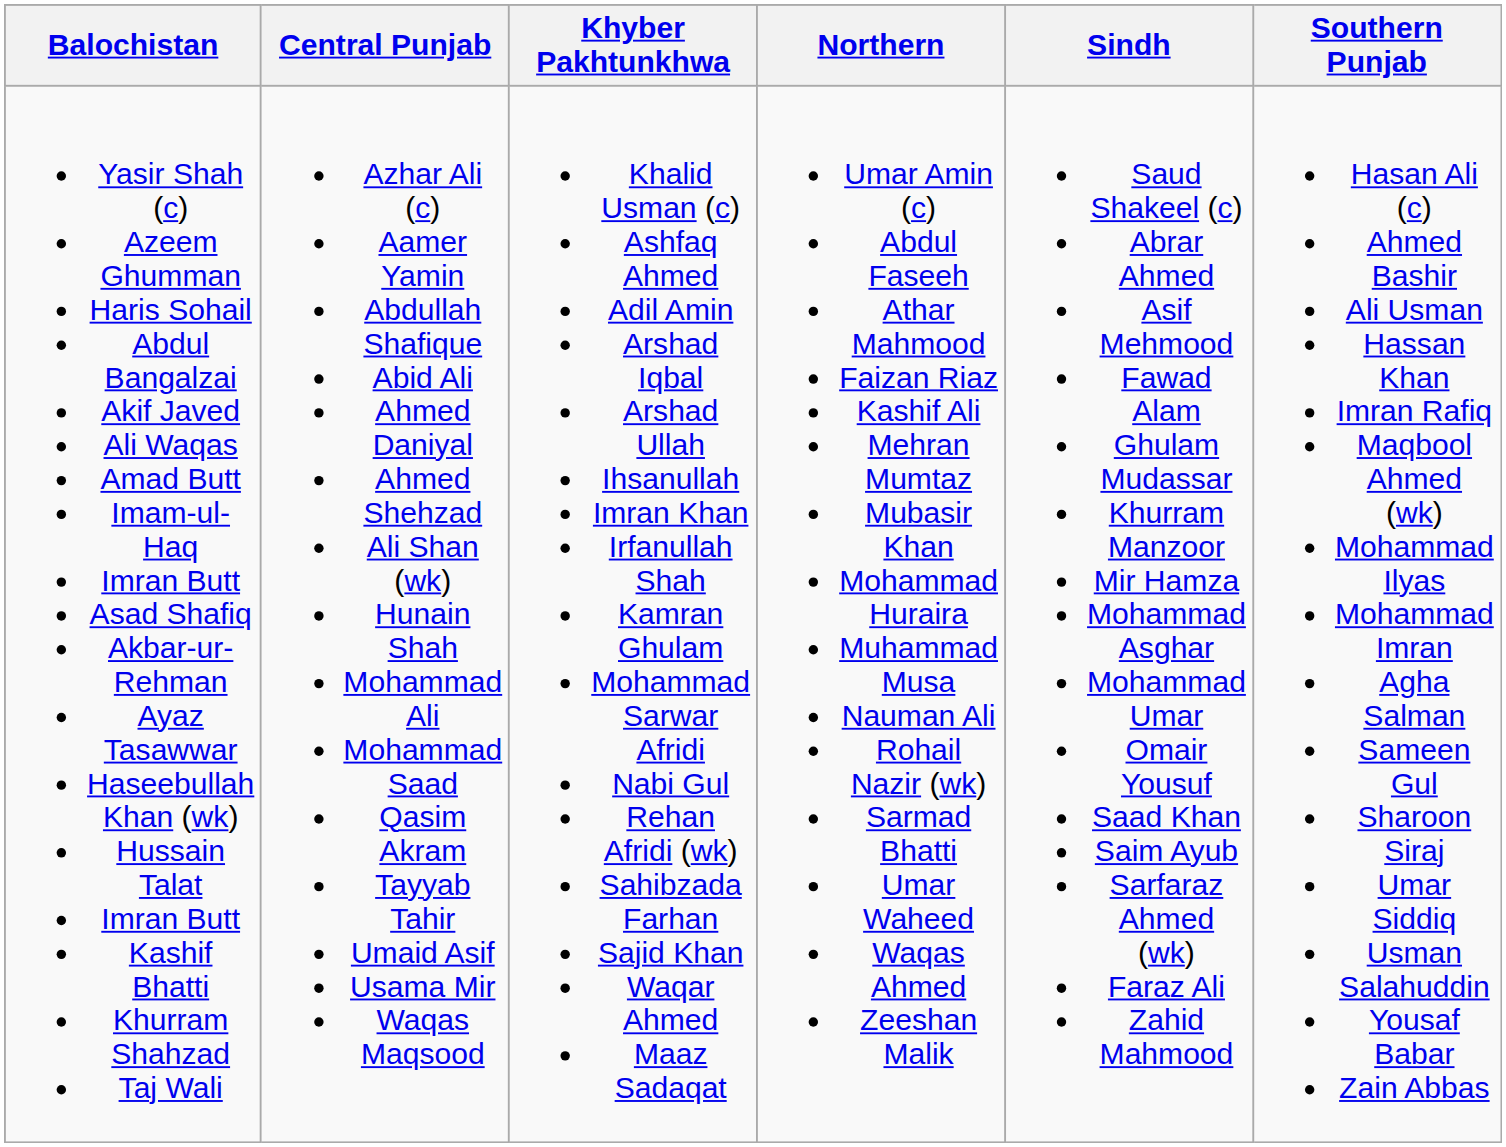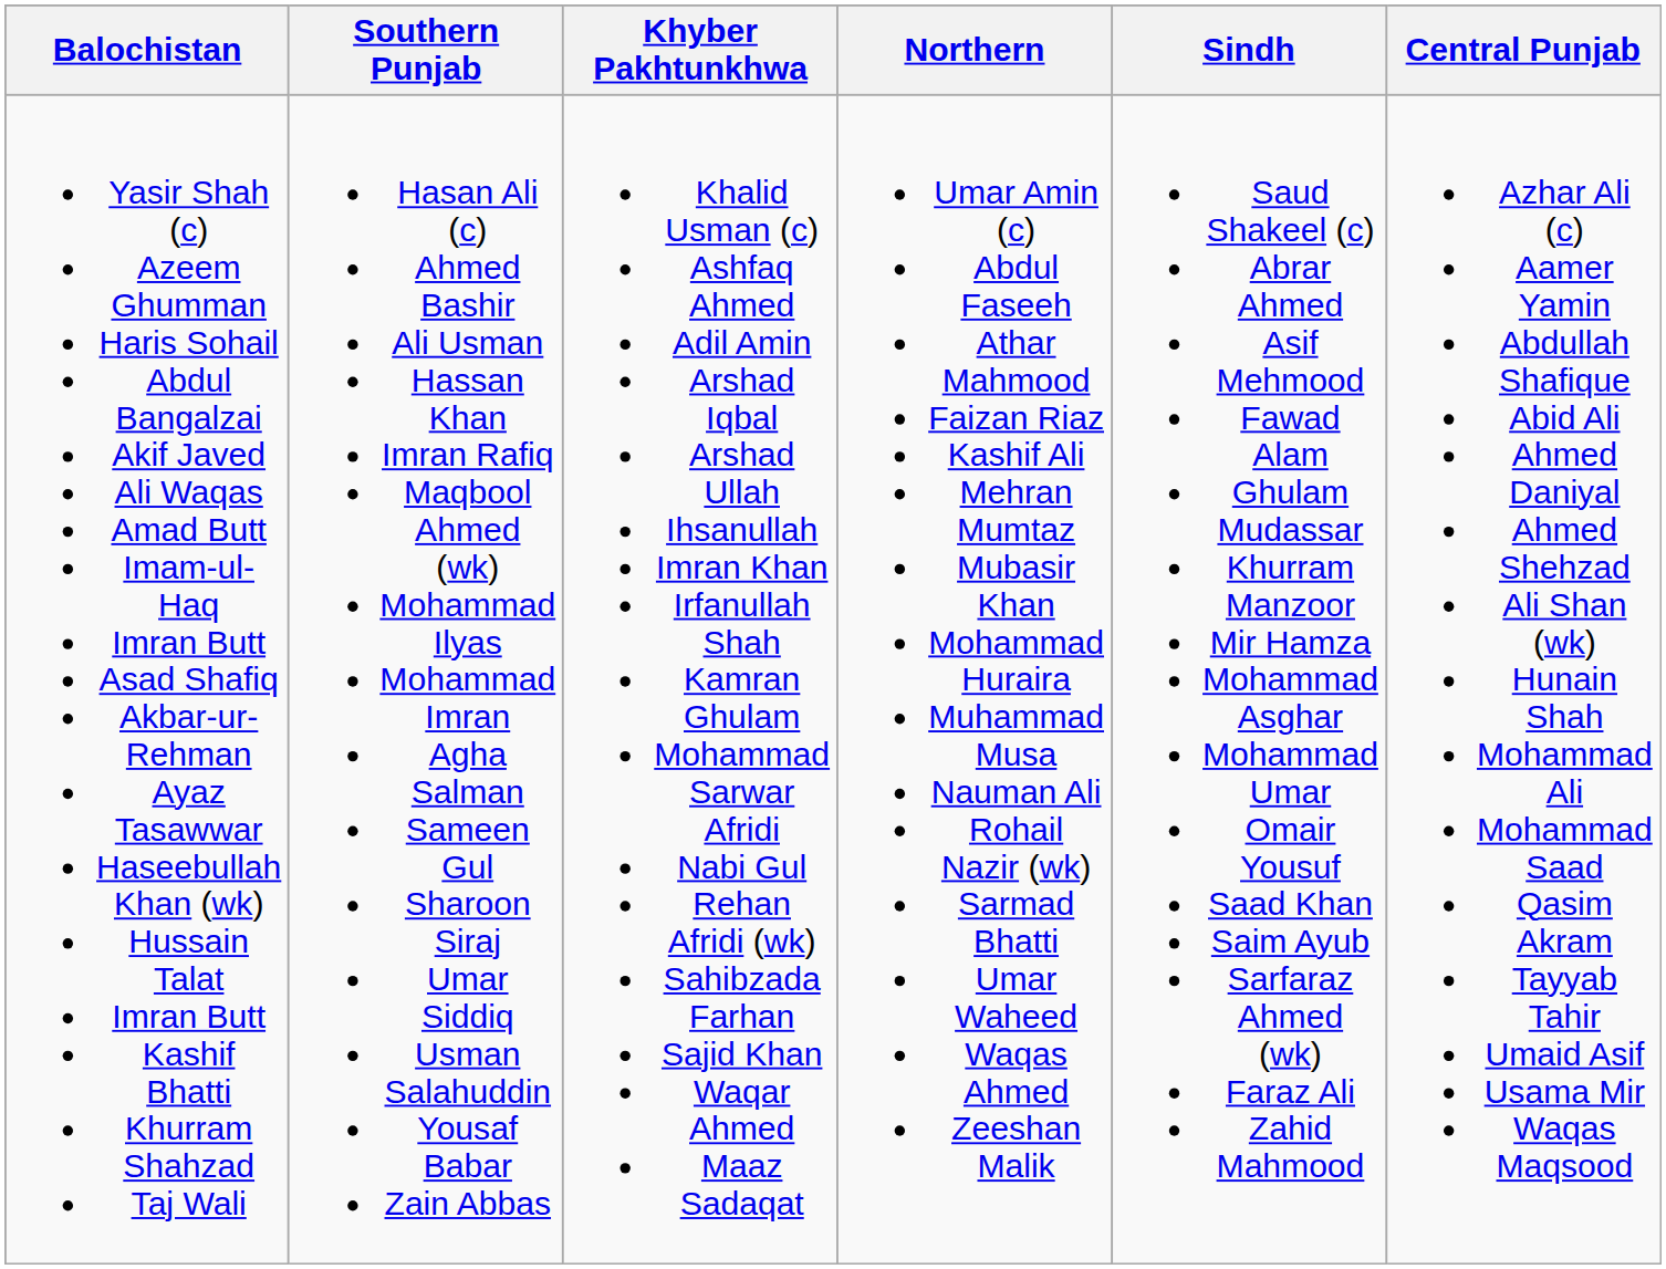 <table class="wikitable" style="text-align:center; margin:auto">
 <tr>
 <th><a href='#'>Balochistan</a></th>
-<th><a href='#'>Central Punjab</a></th>
+<th><a href='#'>Southern Punjab</a></th>
 <th><a href='#'>Khyber Pakhtunkhwa</a></th>
 <th><a href='#'>Northern</a></th>
 <th><a href='#'>Sindh</a></th>
-<th><a href='#'>Southern Punjab</a></th>
+<th><a href='#'>Central Punjab</a></th>
 </tr>
 <tr style="vertical-align:top">
 <td><br><ul><li><a href='#'>Yasir Shah</a> (<a href='#'>c</a>)</li><li><a href='#'>Azeem Ghumman</a></li><li><a href='#'>Haris Sohail</a></li><li><a href='#'>Abdul Bangalzai</a></li><li><a href='#'>Akif Javed</a></li><li><a href='#'>Ali Waqas</a></li><li><a href='#'>Amad Butt</a></li><li><a href='#'>Imam-ul-Haq</a></li><li><a href='#'>Imran Butt</a></li><li><a href='#'>Asad Shafiq</a></li><li><a href='#'>Akbar-ur-Rehman</a></li><li><a href='#'>Ayaz Tasawwar</a></li><li><a href='#'>Haseebullah Khan</a> (<a href='#'>wk</a>)</li><li><a href='#'>Hussain Talat</a></li><li><a href='#'>Imran Butt</a></li><li><a href='#'>Kashif Bhatti</a></li><li><a href='#'>Khurram Shahzad</a></li><li><a href='#'>Taj Wali</a></li></ul></td>
-<td><br><ul><li><a href='#'>Azhar Ali</a> (<a href='#'>c</a>)</li><li><a href='#'>Aamer Yamin</a></li><li><a href='#'>Abdullah Shafique</a></li><li><a href='#'>Abid Ali</a></li><li><a href='#'>Ahmed Daniyal</a></li><li><a href='#'>Ahmed Shehzad</a></li><li><a href='#'>Ali Shan</a> (<a href='#'>wk</a>)</li><li><a href='#'>Hunain Shah</a></li><li><a href='#'>Mohammad Ali</a></li><li><a href='#'>Mohammad Saad</a></li><li><a href='#'>Qasim Akram</a></li><li><a href='#'>Tayyab Tahir</a></li><li><a href='#'>Umaid Asif</a></li><li><a href='#'>Usama Mir</a></li><li><a href='#'>Waqas Maqsood</a></li></ul></td>
+<td><br><ul><li><a href='#'>Hasan Ali</a> (<a href='#'>c</a>)</li><li><a href='#'>Ahmed Bashir</a></li><li><a href='#'>Ali Usman</a></li><li><a href='#'>Hassan Khan</a></li><li><a href='#'>Imran Rafiq</a></li><li><a href='#'>Maqbool Ahmed</a> (<a href='#'>wk</a>)</li><li><a href='#'>Mohammad Ilyas</a></li><li><a href='#'>Mohammad Imran</a></li><li><a href='#'>Agha Salman</a></li><li><a href='#'>Sameen Gul</a></li><li><a href='#'>Sharoon Siraj</a></li><li><a href='#'>Umar Siddiq</a></li><li><a href='#'>Usman Salahuddin</a></li><li><a href='#'>Yousaf Babar</a></li><li><a href='#'>Zain Abbas</a></li></ul></td>
 <td><br><ul><li><a href='#'>Khalid Usman</a> (<a href='#'>c</a>)</li><li><a href='#'>Ashfaq Ahmed</a></li><li><a href='#'>Adil Amin</a></li><li><a href='#'>Arshad Iqbal</a></li><li><a href='#'>Arshad Ullah</a></li><li><a href='#'>Ihsanullah</a></li><li><a href='#'>Imran Khan</a></li><li><a href='#'>Irfanullah Shah</a></li><li><a href='#'>Kamran Ghulam</a></li><li><a href='#'>Mohammad Sarwar Afridi</a></li><li><a href='#'>Nabi Gul</a></li><li><a href='#'>Rehan Afridi</a> (<a href='#'>wk</a>)</li><li><a href='#'>Sahibzada Farhan</a></li><li><a href='#'>Sajid Khan</a></li><li><a href='#'>Waqar Ahmed</a></li><li><a href='#'>Maaz Sadaqat</a></li></ul></td>
 <td><br><ul><li><a href='#'>Umar Amin</a> (<a href='#'>c</a>)</li><li><a href='#'>Abdul Faseeh</a></li><li><a href='#'>Athar Mahmood</a></li><li><a href='#'>Faizan Riaz</a></li><li><a href='#'>Kashif Ali</a></li><li><a href='#'>Mehran Mumtaz</a></li><li><a href='#'>Mubasir Khan</a></li><li><a href='#'>Mohammad Huraira</a></li><li><a href='#'>Muhammad Musa</a></li><li><a href='#'>Nauman Ali</a></li><li><a href='#'>Rohail Nazir</a> (<a href='#'>wk</a>)</li><li><a href='#'>Sarmad Bhatti</a></li><li><a href='#'>Umar Waheed</a></li><li><a href='#'>Waqas Ahmed</a></li><li><a href='#'>Zeeshan Malik</a></li></ul></td>
 <td><br><ul><li><a href='#'>Saud Shakeel</a>  (<a href='#'>c</a>)</li><li><a href='#'>Abrar Ahmed</a></li><li><a href='#'>Asif Mehmood</a></li><li><a href='#'>Fawad Alam</a></li><li><a href='#'>Ghulam Mudassar</a></li><li><a href='#'>Khurram Manzoor</a></li><li><a href='#'>Mir Hamza</a></li><li><a href='#'>Mohammad Asghar</a></li><li><a href='#'>Mohammad Umar</a></li><li><a href='#'>Omair Yousuf</a></li><li><a href='#'>Saad Khan</a></li><li><a href='#'>Saim Ayub</a></li><li><a href='#'>Sarfaraz Ahmed</a> (<a href='#'>wk</a>)</li><li><a href='#'>Faraz Ali</a></li><li><a href='#'>Zahid Mahmood</a></li></ul></td>
-<td><br><ul><li><a href='#'>Hasan Ali</a> (<a href='#'>c</a>)</li><li><a href='#'>Ahmed Bashir</a></li><li><a href='#'>Ali Usman</a></li><li><a href='#'>Hassan Khan</a></li><li><a href='#'>Imran Rafiq</a></li><li><a href='#'>Maqbool Ahmed</a> (<a href='#'>wk</a>)</li><li><a href='#'>Mohammad Ilyas</a></li><li><a href='#'>Mohammad Imran</a></li><li><a href='#'>Agha Salman</a></li><li><a href='#'>Sameen Gul</a></li><li><a href='#'>Sharoon Siraj</a></li><li><a href='#'>Umar Siddiq</a></li><li><a href='#'>Usman Salahuddin</a></li><li><a href='#'>Yousaf Babar</a></li><li><a href='#'>Zain Abbas</a></li></ul></td>
+<td><br><ul><li><a href='#'>Azhar Ali</a> (<a href='#'>c</a>)</li><li><a href='#'>Aamer Yamin</a></li><li><a href='#'>Abdullah Shafique</a></li><li><a href='#'>Abid Ali</a></li><li><a href='#'>Ahmed Daniyal</a></li><li><a href='#'>Ahmed Shehzad</a></li><li><a href='#'>Ali Shan</a> (<a href='#'>wk</a>)</li><li><a href='#'>Hunain Shah</a></li><li><a href='#'>Mohammad Ali</a></li><li><a href='#'>Mohammad Saad</a></li><li><a href='#'>Qasim Akram</a></li><li><a href='#'>Tayyab Tahir</a></li><li><a href='#'>Umaid Asif</a></li><li><a href='#'>Usama Mir</a></li><li><a href='#'>Waqas Maqsood</a></li></ul></td>
 </tr>
 </table>
